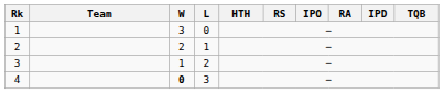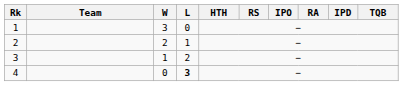 <table class=wikitable style=text-align:center>
 <tr>
 <th width=25>Rk</th>
 <th width=170>Team</th>
 <th width=25>W</th>
 <th width=25>L</th>
 <th width=50>HTH</th>
 <th width=35>RS</th>
 <th width=35>IPO</th>
 <th width=35>RA</th>
 <th width=35>IPD</th>
 <th width=50>TQB</th>
 </tr>
 <tr>
 <td>1</td>
 <td style="text-align:left;"></td>
 <td>3</td>
 <td>0</td>
 <td colspan="6" style="text-align: center;">−</td>
 </tr>
 <tr>
 <td>2</td>
 <td style="text-align:left;"></td>
 <td>2</td>
 <td>1</td>
 <td colspan="6" style="text-align: center;">−</td>
 </tr>
 <tr>
 <td>3</td>
 <td style="text-align:left;"></td>
 <td>1</td>
 <td>2</td>
 <td colspan="6" style="text-align: center;">−</td>
 </tr>
 <tr>
 <td>4</td>
 <td style="text-align:left;"></td>
-<td><strong>0</strong></td>
-<td>3</td>
+<td>0</td>
+<td><strong>3</strong></td>
 <td colspan="6" style="text-align: center;">−</td>
 </tr>
 </table>
